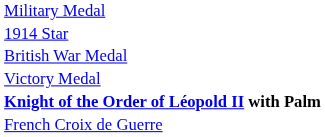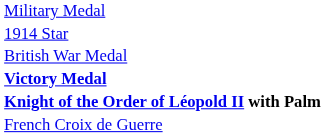 <table>
 <tr>
 <td> <a href='#'>Military Medal</a></td>
 </tr>
 <tr>
 <td> <a href='#'>1914 Star</a></td>
 </tr>
 <tr>
 <td> <a href='#'>British War Medal</a></td>
 </tr>
 <tr>
-<td> <a href='#'>Victory Medal</a></td>
+<td><strong> <a href='#'>Victory Medal</a></strong></td>
 </tr>
 <tr>
 <td><strong> <a href='#'>Knight of the Order of Léopold II</a> with Palm</strong></td>
 </tr>
 <tr>
 <td> <a href='#'>French Croix de Guerre</a></td>
 </tr>
 </table>
